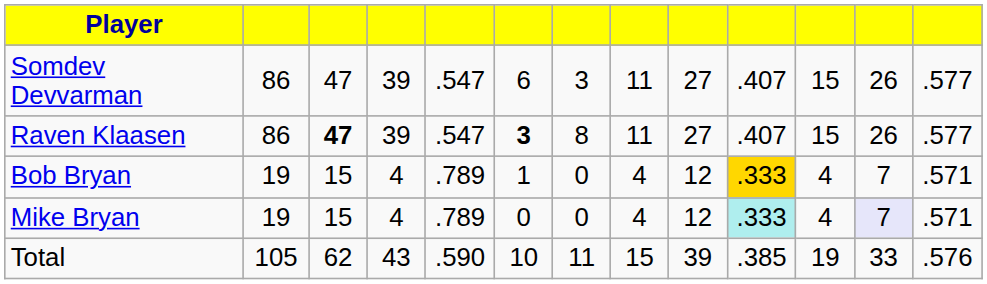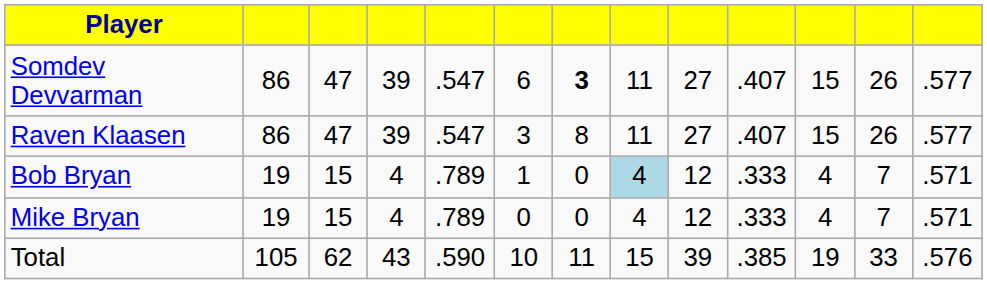 <table class="wikitable" style="text-align:center">
 <tr>
 <th style="background:yellow; color:#00009C" width="200px">Player</th>
 <th style="background:yellow; color:#00009C" width="40px"></th>
 <th style="background:yellow; color:#00009C" width="40px"></th>
 <th style="background:yellow; color:#00009C" width="40px"></th>
 <th style="background:yellow; color:#00009C" width="40px"></th>
 <th style="background:yellow; color:#00009C" width="40px"></th>
 <th style="background:yellow; color:#00009C" width="40px"></th>
 <th style="background:yellow; color:#00009C" width="40px"></th>
 <th style="background:yellow; color:#00009C" width="40px"></th>
 <th style="background:yellow; color:#00009C" width="40px"></th>
 <th style="background:yellow; color:#00009C" width="40px"></th>
 <th style="background:yellow; color:#00009C" width="40px"></th>
 <th style="background:yellow; color:#00009C" width="40px"></th>
 </tr>
 <tr>
 <td style="text-align:left"><a href='#'>Somdev Devvarman</a></td>
 <td>86</td>
 <td>47</td>
 <td>39</td>
 <td>.547</td>
 <td>6</td>
-<td>3</td>
+<td><strong>3</strong></td>
 <td>11</td>
 <td>27</td>
 <td>.407</td>
 <td>15</td>
 <td>26</td>
 <td>.577</td>
 </tr>
 <tr>
 <td style="text-align:left"><a href='#'>Raven Klaasen</a></td>
 <td>86</td>
-<td><strong>47</strong></td>
+<td>47</td>
 <td>39</td>
 <td>.547</td>
-<td><strong>3</strong></td>
+<td>3</td>
 <td>8</td>
 <td>11</td>
 <td>27</td>
 <td>.407</td>
 <td>15</td>
 <td>26</td>
 <td>.577</td>
 </tr>
 <tr>
 <td style="text-align:left"><a href='#'>Bob Bryan</a></td>
 <td>19</td>
 <td>15</td>
 <td>4</td>
 <td>.789</td>
 <td>1</td>
 <td>0</td>
-<td>4</td>
+<td style="background: lightblue;">4</td>
 <td>12</td>
-<td style="background: gold;">.333</td>
+<td>.333</td>
 <td>4</td>
 <td>7</td>
 <td>.571</td>
 </tr>
 <tr>
 <td style="text-align:left"><a href='#'>Mike Bryan</a></td>
 <td>19</td>
 <td>15</td>
 <td>4</td>
 <td>.789</td>
 <td>0</td>
 <td>0</td>
 <td>4</td>
 <td>12</td>
-<td style="background: paleturquoise;">.333</td>
+<td>.333</td>
 <td>4</td>
-<td style="background: lavender;">7</td>
+<td>7</td>
 <td>.571</td>
 </tr>
 <tr>
 <td style="text-align:left">Total</td>
 <td>105</td>
 <td>62</td>
 <td>43</td>
 <td>.590</td>
 <td>10</td>
 <td>11</td>
 <td>15</td>
 <td>39</td>
 <td>.385</td>
 <td>19</td>
 <td>33</td>
 <td>.576</td>
 </tr>
 </table>
